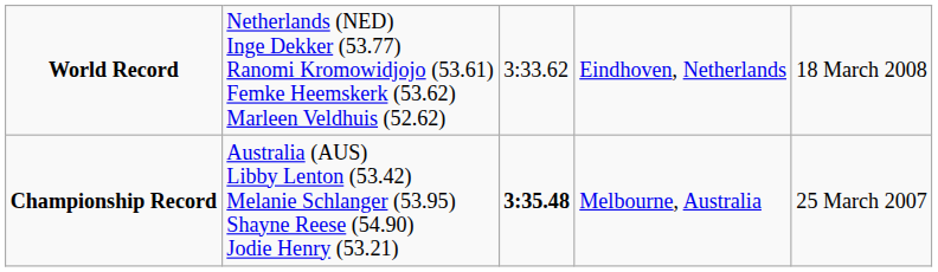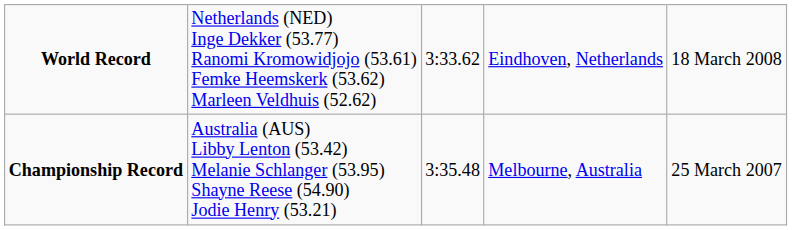 <table class="wikitable" border="1" align="center">
 <tr>
 <td align="center"><strong>World Record</strong></td>
 <td> <a href='#'>Netherlands</a> (NED)<br><a href='#'>Inge Dekker</a> (53.77)<br><a href='#'>Ranomi Kromowidjojo</a> (53.61)<br><a href='#'>Femke Heemskerk</a> (53.62)<br><a href='#'>Marleen Veldhuis</a> (52.62)</td>
 <td>3:33.62</td>
 <td><a href='#'>Eindhoven</a>, <a href='#'>Netherlands</a></td>
 <td>18 March 2008</td>
 </tr>
 <tr>
 <td align="center"><strong>Championship Record</strong></td>
 <td> <a href='#'>Australia</a> (AUS) <br><a href='#'>Libby Lenton</a> (53.42)<br><a href='#'>Melanie Schlanger</a> (53.95)<br><a href='#'>Shayne Reese</a> (54.90)<br><a href='#'>Jodie Henry</a> (53.21)</td>
-<td><strong>3:35.48</strong></td>
+<td>3:35.48</td>
 <td><a href='#'>Melbourne</a>, <a href='#'>Australia</a></td>
 <td>25 March 2007</td>
 </tr>
 </table>
